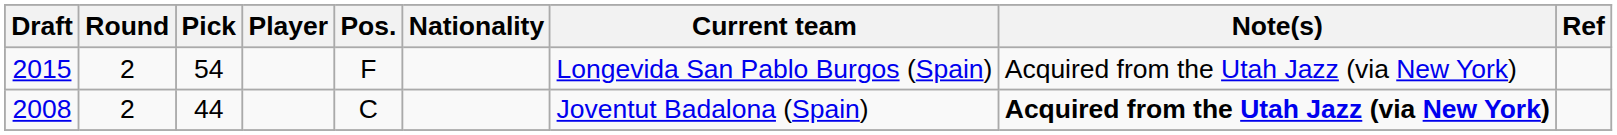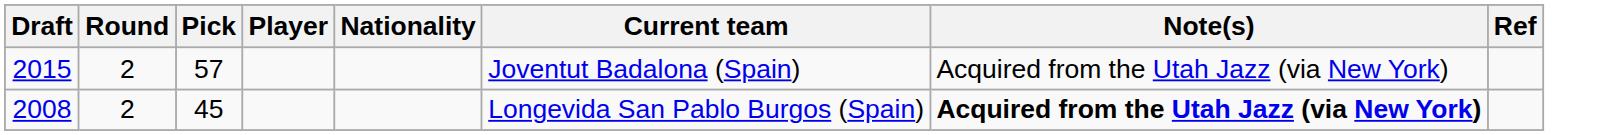 <table class="wikitable sortable" style="text-align:left; font-size:90%;">
 <tr>
 <th>Draft</th>
 <th>Round</th>
 <th>Pick</th>
 <th>Player</th>
-<th>Pos.</th>
 <th>Nationality</th>
 <th>Current team</th>
 <th>Note(s)</th>
 <th class="unsortable">Ref</th>
 </tr>
 <tr>
 <td style="text-align:center;"><a href='#'>2015</a></td>
 <td style="text-align:center;">2</td>
-<td style="text-align:center;">54</td>
+<td style="text-align:center;">57</td>
 <td></td>
-<td style="text-align:center;">F</td>
 <td></td>
-<td><a href='#'>Longevida San Pablo Burgos</a> (<a href='#'>Spain</a>)</td>
+<td><a href='#'>Joventut Badalona</a> (<a href='#'>Spain</a>)</td>
 <td>Acquired from the <a href='#'>Utah Jazz</a> (via <a href='#'>New York</a>)</td>
 <td style="text-align:center;"></td>
 </tr>
 <tr>
 <td style="text-align:center;"><a href='#'>2008</a></td>
 <td style="text-align:center;">2</td>
-<td style="text-align:center;">44</td>
+<td style="text-align:center;">45</td>
 <td></td>
-<td style="text-align:center;">C</td>
 <td></td>
-<td><a href='#'>Joventut Badalona</a> (<a href='#'>Spain</a>)</td>
+<td><a href='#'>Longevida San Pablo Burgos</a> (<a href='#'>Spain</a>)</td>
 <td><strong>Acquired from the <a href='#'>Utah Jazz</a> (via <a href='#'>New York</a>)</strong></td>
 <td style="text-align:center;"></td>
 </tr>
 </table>
